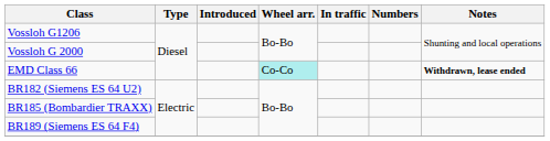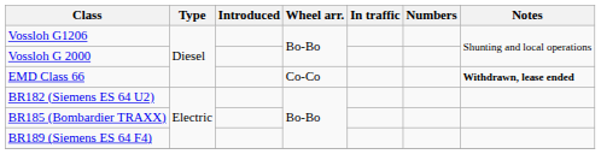 <table class="wikitable">
 <tr>
 <th align=left>Class</th>
 <th align=left>Type</th>
 <th align=left>Introduced</th>
 <th align=left>Wheel arr.</th>
 <th align=left>In traffic</th>
 <th align=left>Numbers</th>
 <th align=center>Notes</th>
 </tr>
 <tr>
 <td><a href='#'>Vossloh G1206</a></td>
 <td rowspan="3">Diesel</td>
 <td></td>
 <td rowspan="2">Bo-Bo</td>
 <td></td>
 <td></td>
 <td rowspan="2"><small>Shunting and local operations</small></td>
 </tr>
 <tr>
 <td><a href='#'>Vossloh G 2000</a></td>
 <td></td>
 <td></td>
 <td></td>
 </tr>
 <tr>
 <td><a href='#'>EMD Class 66</a></td>
 <td></td>
-<td style="background: paleturquoise;">Co-Co</td>
+<td>Co-Co</td>
 <td></td>
 <td></td>
 <td><strong><small>Withdrawn, lease ended</small></strong></td>
 </tr>
 <tr>
 <td><a href='#'>BR182 (Siemens ES 64 U2)</a></td>
 <td rowspan="3">Electric</td>
 <td></td>
 <td rowspan="3">Bo-Bo</td>
 <td></td>
 <td></td>
 <td></td>
 </tr>
 <tr>
 <td><a href='#'>BR185 (Bombardier TRAXX)</a></td>
 <td></td>
 <td></td>
 <td></td>
 <td></td>
 </tr>
 <tr>
 <td><a href='#'>BR189 (Siemens ES 64 F4)</a></td>
 <td></td>
 <td></td>
 <td></td>
 <td></td>
 </tr>
 <tr>
 </tr>
 </table>
